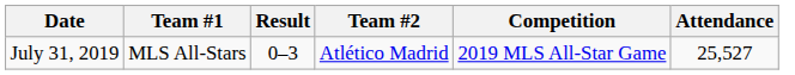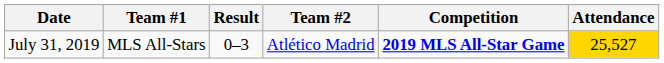 <table class="wikitable">
 <tr>
 <th>Date</th>
 <th>Team #1</th>
 <th>Result</th>
 <th>Team #2</th>
 <th>Competition</th>
 <th>Attendance</th>
 </tr>
 <tr>
 <td>July 31, 2019</td>
 <td> MLS All-Stars</td>
 <td style="text-align:center;">0–3</td>
 <td> <a href='#'>Atlético Madrid</a></td>
-<td><a href='#'>2019 MLS All-Star Game</a></td>
-<td style="text-align:center;">25,527</td>
+<td><strong><a href='#'>2019 MLS All-Star Game</a></strong></td>
+<td style="background: gold; text-align:center;">25,527</td>
 </tr>
 </table>
